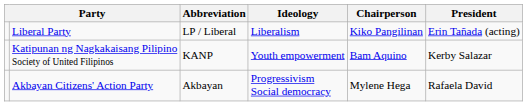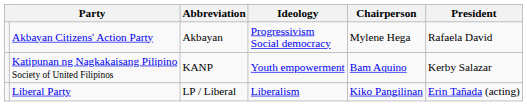 <table class="wikitable">
 <tr>
 <th colspan="2">Party</th>
 <th>Abbreviation</th>
 <th>Ideology</th>
 <th>Chairperson</th>
 <th>President</th>
 </tr>
 <tr>
 <td style="background:"></td>
-<td><a href='#'>Liberal Party</a></td>
-<td>LP / Liberal</td>
-<td><a href='#'>Liberalism</a></td>
-<td><a href='#'>Kiko Pangilinan</a></td>
-<td><a href='#'>Erin Tañada</a> (acting)</td>
+<td><a href='#'>Akbayan Citizens' Action Party</a></td>
+<td>Akbayan</td>
+<td><a href='#'>Progressivism</a><br><a href='#'>Social democracy</a></td>
+<td>Mylene Hega</td>
+<td>Rafaela David</td>
 </tr>
 <tr>
 <td style="background:"></td>
 <td><a href='#'>Katipunan ng Nagkakaisang Pilipino</a><br><small>Society of United Filipinos</small></td>
 <td>KANP</td>
 <td><a href='#'>Youth empowerment</a></td>
 <td><a href='#'>Bam Aquino</a></td>
 <td>Kerby Salazar</td>
 </tr>
 <tr>
 <td style="background:"></td>
-<td><a href='#'>Akbayan Citizens' Action Party</a></td>
-<td>Akbayan</td>
-<td><a href='#'>Progressivism</a><br><a href='#'>Social democracy</a></td>
-<td>Mylene Hega</td>
-<td>Rafaela David</td>
+<td><a href='#'>Liberal Party</a></td>
+<td>LP / Liberal</td>
+<td><a href='#'>Liberalism</a></td>
+<td><a href='#'>Kiko Pangilinan</a></td>
+<td><a href='#'>Erin Tañada</a> (acting)</td>
 </tr>
 </table>
